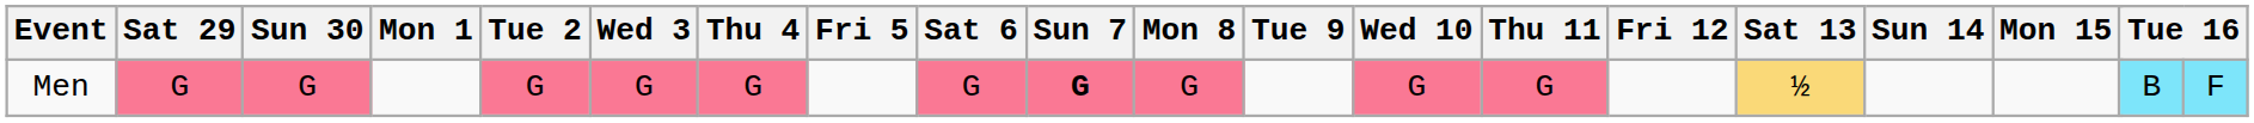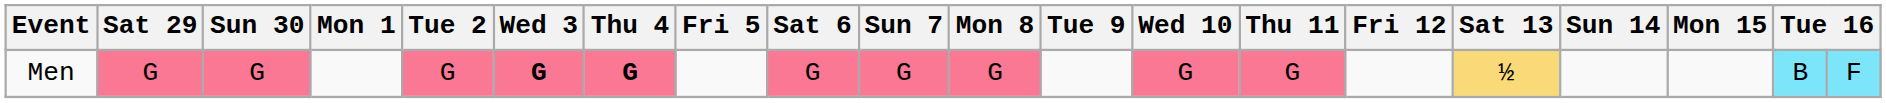 <table class="wikitable" style="margin:0.5em auto; font-size:90%; line-height:1.25em; text-align:center">
 <tr>
 <th>Event</th>
 <th>Sat 29</th>
 <th>Sun 30</th>
 <th>Mon 1</th>
 <th>Tue 2</th>
 <th>Wed 3</th>
 <th>Thu 4</th>
 <th>Fri 5</th>
 <th>Sat 6</th>
 <th>Sun 7</th>
 <th>Mon 8</th>
 <th>Tue 9</th>
 <th>Wed 10</th>
 <th>Thu 11</th>
 <th>Fri 12</th>
 <th>Sat 13</th>
 <th>Sun 14</th>
 <th colspan=2>Mon 15</th>
 <th colspan=2>Tue 16</th>
 </tr>
 <tr>
 <td>Men</td>
 <td bgcolor="#FA7894">G</td>
 <td bgcolor="#FA7894">G</td>
 <td></td>
 <td bgcolor="#FA7894">G</td>
+<td bgcolor="#FA7894"><strong>G</strong></td>
+<td bgcolor="#FA7894"><strong>G</strong></td>
+<td></td>
 <td bgcolor="#FA7894">G</td>
 <td bgcolor="#FA7894">G</td>
-<td></td>
-<td bgcolor="#FA7894">G</td>
-<td bgcolor="#FA7894"><strong>G</strong></td>
 <td bgcolor="#FA7894">G</td>
 <td></td>
 <td bgcolor="#FA7894">G</td>
 <td bgcolor="#FA7894">G</td>
 <td></td>
 <td bgcolor="#FAD978">½</td>
 <td></td>
 <td colspan=2></td>
 <td bgcolor="#7DE5FA">B</td>
 <td bgcolor="#7DE5FA">F</td>
 </tr>
 </table>
